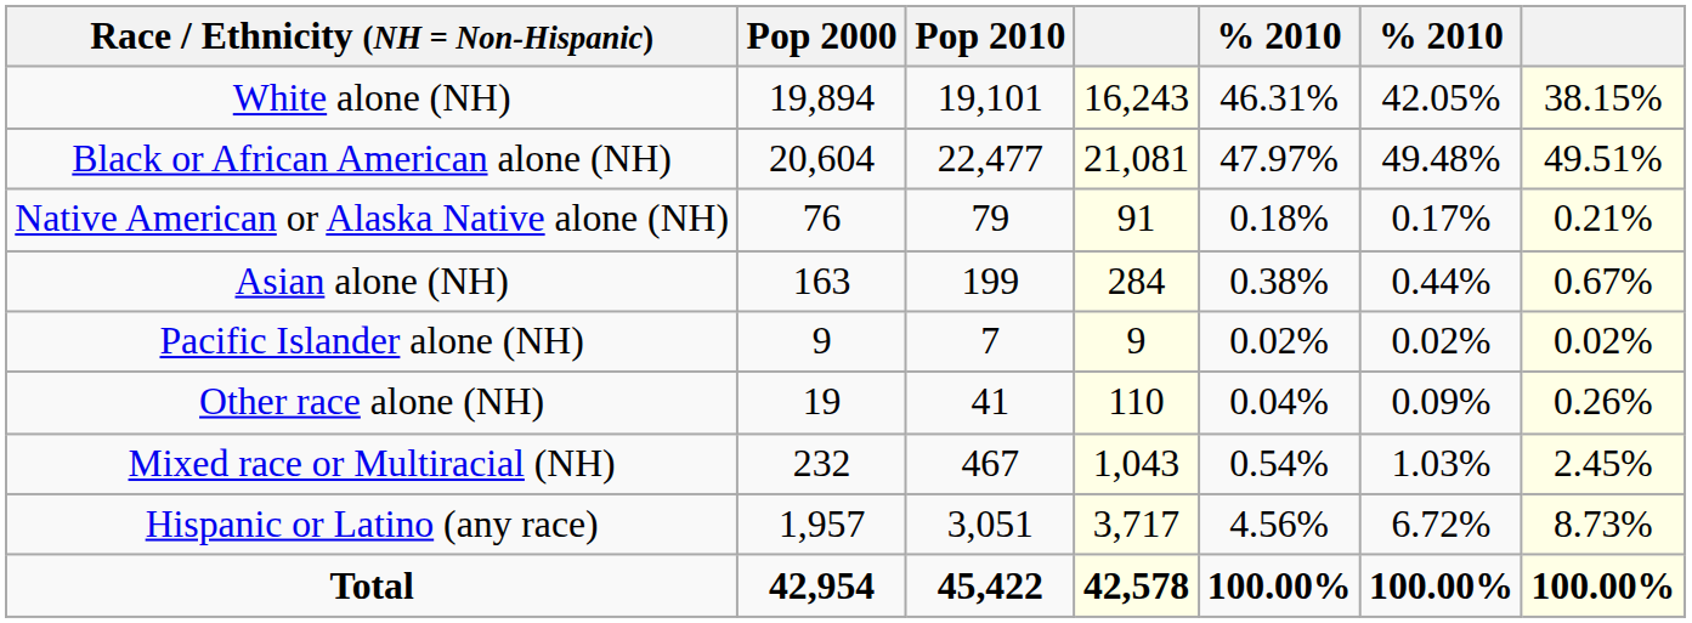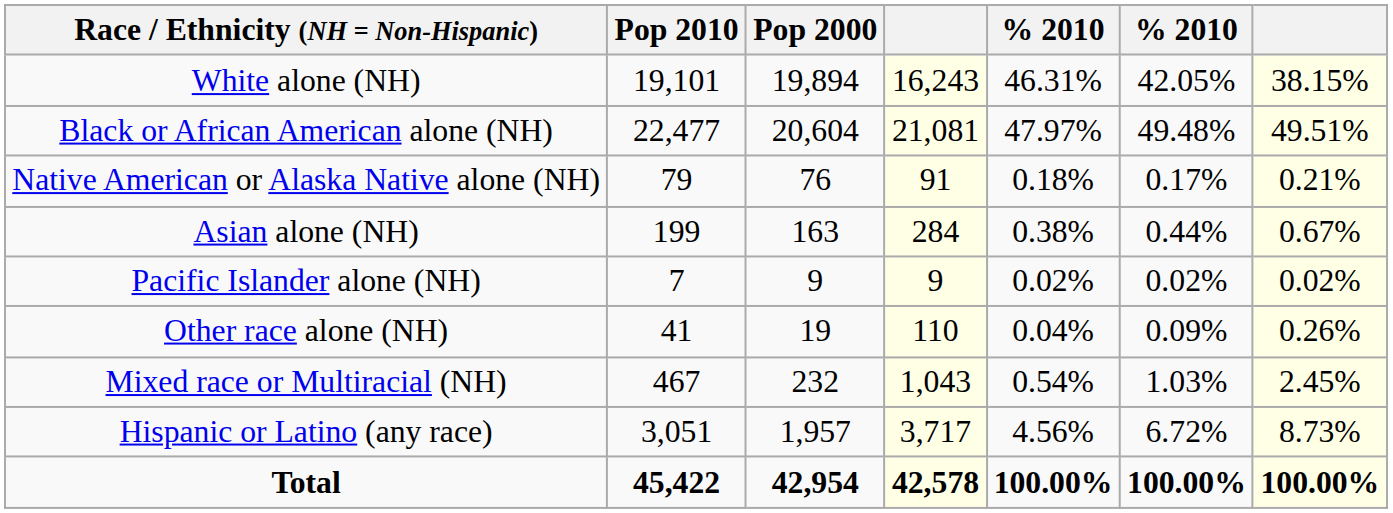 <table class="wikitable" style="text-align:center;">
 <tr>
 <th>Race / Ethnicity <small>(<em>NH = Non-Hispanic</em>)</small></th>
+<th>Pop 2010</th>
 <th>Pop 2000</th>
-<th>Pop 2010</th>
 <th></th>
 <th>% 2010</th>
 <th>% 2010</th>
 <th></th>
 </tr>
 <tr>
 <td><a href='#'>White</a> alone (NH)</td>
+<td>19,101</td>
 <td>19,894</td>
-<td>19,101</td>
 <td style='background: #ffffe6;'>16,243</td>
 <td>46.31%</td>
 <td>42.05%</td>
 <td style='background: #ffffe6;'>38.15%</td>
 </tr>
 <tr>
 <td><a href='#'>Black or African American</a> alone (NH)</td>
+<td>22,477</td>
 <td>20,604</td>
-<td>22,477</td>
 <td style='background: #ffffe6;'>21,081</td>
 <td>47.97%</td>
 <td>49.48%</td>
 <td style='background: #ffffe6;'>49.51%</td>
 </tr>
 <tr>
 <td><a href='#'>Native American</a> or <a href='#'>Alaska Native</a> alone (NH)</td>
+<td>79</td>
 <td>76</td>
-<td>79</td>
 <td style='background: #ffffe6;'>91</td>
 <td>0.18%</td>
 <td>0.17%</td>
 <td style='background: #ffffe6;'>0.21%</td>
 </tr>
 <tr>
 <td><a href='#'>Asian</a> alone (NH)</td>
+<td>199</td>
 <td>163</td>
-<td>199</td>
 <td style='background: #ffffe6;'>284</td>
 <td>0.38%</td>
 <td>0.44%</td>
 <td style='background: #ffffe6;'>0.67%</td>
 </tr>
 <tr>
 <td><a href='#'>Pacific Islander</a> alone (NH)</td>
+<td>7</td>
 <td>9</td>
-<td>7</td>
 <td style='background: #ffffe6;'>9</td>
 <td>0.02%</td>
 <td>0.02%</td>
 <td style='background: #ffffe6;'>0.02%</td>
 </tr>
 <tr>
 <td><a href='#'>Other race</a> alone (NH)</td>
+<td>41</td>
 <td>19</td>
-<td>41</td>
 <td style='background: #ffffe6;'>110</td>
 <td>0.04%</td>
 <td>0.09%</td>
 <td style='background: #ffffe6;'>0.26%</td>
 </tr>
 <tr>
 <td><a href='#'>Mixed race or Multiracial</a> (NH)</td>
+<td>467</td>
 <td>232</td>
-<td>467</td>
 <td style='background: #ffffe6;'>1,043</td>
 <td>0.54%</td>
 <td>1.03%</td>
 <td style='background: #ffffe6;'>2.45%</td>
 </tr>
 <tr>
 <td><a href='#'>Hispanic or Latino</a> (any race)</td>
+<td>3,051</td>
 <td>1,957</td>
-<td>3,051</td>
 <td style='background: #ffffe6;'>3,717</td>
 <td>4.56%</td>
 <td>6.72%</td>
 <td style='background: #ffffe6;'>8.73%</td>
 </tr>
 <tr>
 <td><strong>Total</strong></td>
+<td><strong>45,422</strong></td>
 <td><strong>42,954</strong></td>
-<td><strong>45,422</strong></td>
 <td style='background: #ffffe6;'><strong>42,578</strong></td>
 <td><strong>100.00%</strong></td>
 <td><strong>100.00%</strong></td>
 <td style='background: #ffffe6;'><strong>100.00%</strong></td>
 </tr>
 </table>
